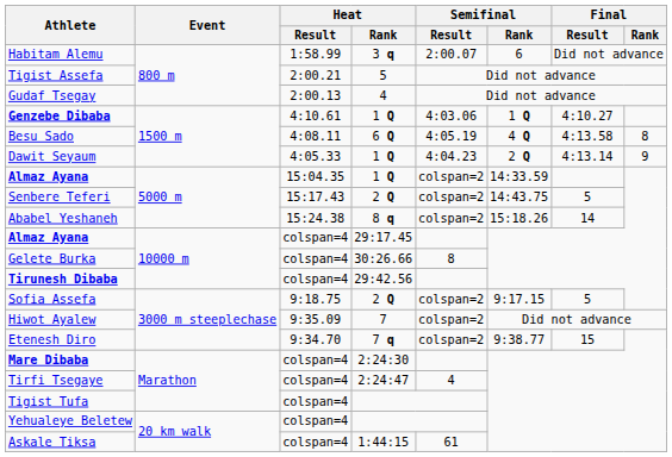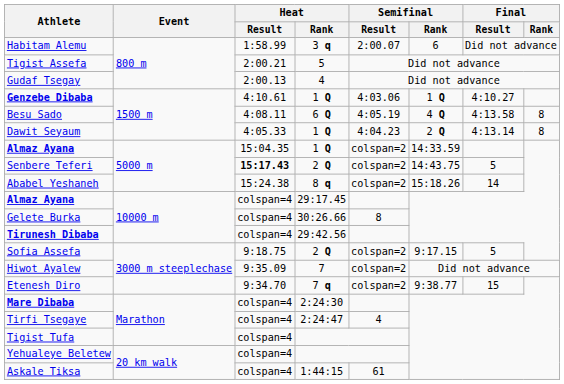 <table class="wikitable" style="font-size:90%">
 <tr>
 <th rowspan="2">Athlete</th>
 <th rowspan="2">Event</th>
 <th colspan="2">Heat</th>
 <th colspan="2">Semifinal</th>
 <th colspan="2">Final</th>
 </tr>
 <tr style="font-size:95%">
 <th>Result</th>
 <th>Rank</th>
 <th>Result</th>
 <th>Rank</th>
 <th>Result</th>
 <th>Rank</th>
 </tr>
 <tr align=center>
 <td align=left><a href='#'>Habitam Alemu</a></td>
 <td align=left rowspan=3><a href='#'>800 m</a></td>
 <td>1:58.99</td>
 <td>3 <strong>q</strong></td>
 <td>2:00.07</td>
 <td>6</td>
 <td colspan=2>Did not advance</td>
 </tr>
 <tr align=center>
 <td align=left><a href='#'>Tigist Assefa</a></td>
 <td>2:00.21</td>
 <td>5</td>
 <td colspan=4>Did not advance</td>
 </tr>
 <tr align=center>
 <td align=left><a href='#'>Gudaf Tsegay</a></td>
 <td>2:00.13</td>
 <td>4</td>
 <td colspan=4>Did not advance</td>
 </tr>
 <tr align=center>
 <td align=left><strong><a href='#'>Genzebe Dibaba</a></strong></td>
 <td align=left rowspan=3><a href='#'>1500 m</a></td>
 <td>4:10.61</td>
 <td>1 <strong>Q</strong></td>
 <td>4:03.06</td>
 <td>1 <strong>Q</strong></td>
 <td>4:10.27</td>
 <td></td>
 </tr>
 <tr align=center>
 <td align=left><a href='#'>Besu Sado</a></td>
 <td>4:08.11</td>
 <td>6 <strong>Q</strong></td>
 <td>4:05.19</td>
 <td>4 <strong>Q</strong></td>
 <td>4:13.58</td>
 <td>8</td>
 </tr>
 <tr align=center>
 <td align=left><a href='#'>Dawit Seyaum</a></td>
 <td>4:05.33</td>
 <td>1 <strong>Q</strong></td>
 <td>4:04.23</td>
 <td>2 <strong>Q</strong></td>
 <td>4:13.14</td>
-<td>9</td>
+<td>8</td>
 </tr>
 <tr align=center>
 <td align=left><strong><a href='#'>Almaz Ayana</a></strong></td>
 <td align=left rowspan=3><a href='#'>5000 m</a></td>
 <td>15:04.35</td>
 <td>1 <strong>Q</strong></td>
 <td>colspan=2 </td>
 <td>14:33.59</td>
 <td></td>
 </tr>
 <tr align=center>
 <td align=left><a href='#'>Senbere Teferi</a></td>
-<td>15:17.43</td>
+<td><strong>15:17.43</strong></td>
 <td>2 <strong>Q</strong></td>
 <td>colspan=2 </td>
 <td>14:43.75</td>
 <td>5</td>
 </tr>
 <tr align=center>
 <td align=left><a href='#'>Ababel Yeshaneh</a></td>
 <td>15:24.38</td>
 <td>8 <strong>q</strong></td>
 <td>colspan=2 </td>
 <td>15:18.26</td>
 <td>14</td>
 </tr>
 <tr align=center>
 <td align=left><strong><a href='#'>Almaz Ayana</a></strong></td>
 <td align=left rowspan=3><a href='#'>10000 m</a></td>
 <td>colspan=4 </td>
 <td>29:17.45 </td>
 <td></td>
 </tr>
 <tr align=center>
 <td align=left><a href='#'>Gelete Burka</a></td>
 <td>colspan=4 </td>
 <td>30:26.66</td>
 <td>8</td>
 </tr>
 <tr align=center>
 <td align=left><strong><a href='#'>Tirunesh Dibaba</a></strong></td>
 <td>colspan=4 </td>
 <td>29:42.56</td>
 <td></td>
 </tr>
 <tr align=center>
 <td align=left><a href='#'>Sofia Assefa</a></td>
 <td align=left rowspan=3><a href='#'>3000 m steeplechase</a></td>
 <td>9:18.75</td>
 <td>2 <strong>Q</strong></td>
 <td>colspan=2 </td>
 <td>9:17.15</td>
 <td>5</td>
 </tr>
 <tr align=center>
 <td align=left><a href='#'>Hiwot Ayalew</a></td>
 <td>9:35.09</td>
 <td>7</td>
 <td>colspan=2 </td>
 <td colspan=4>Did not advance</td>
 </tr>
 <tr align=center>
 <td align=left><a href='#'>Etenesh Diro</a></td>
 <td>9:34.70</td>
 <td>7 <strong>q</strong></td>
 <td>colspan=2 </td>
 <td>9:38.77</td>
 <td>15</td>
 </tr>
 <tr align=center>
 <td align=left><strong><a href='#'>Mare Dibaba</a></strong></td>
 <td align=left rowspan=3><a href='#'>Marathon</a></td>
 <td>colspan=4 </td>
 <td>2:24:30</td>
 <td></td>
 </tr>
 <tr align=center>
 <td align=left><a href='#'>Tirfi Tsegaye</a></td>
 <td>colspan=4 </td>
 <td>2:24:47</td>
 <td>4</td>
 </tr>
 <tr align=center>
 <td align=left><a href='#'>Tigist Tufa</a></td>
 <td>colspan=4 </td>
 <td colspan=2></td>
 </tr>
 <tr align=center>
 <td align=left><a href='#'>Yehualeye Beletew</a></td>
 <td align=left rowspan=2><a href='#'>20 km walk</a></td>
 <td>colspan=4 </td>
 <td colspan=2></td>
 </tr>
 <tr align=center>
 <td align=left><a href='#'>Askale Tiksa</a></td>
 <td>colspan=4 </td>
 <td>1:44:15</td>
 <td>61</td>
 </tr>
 </table>
